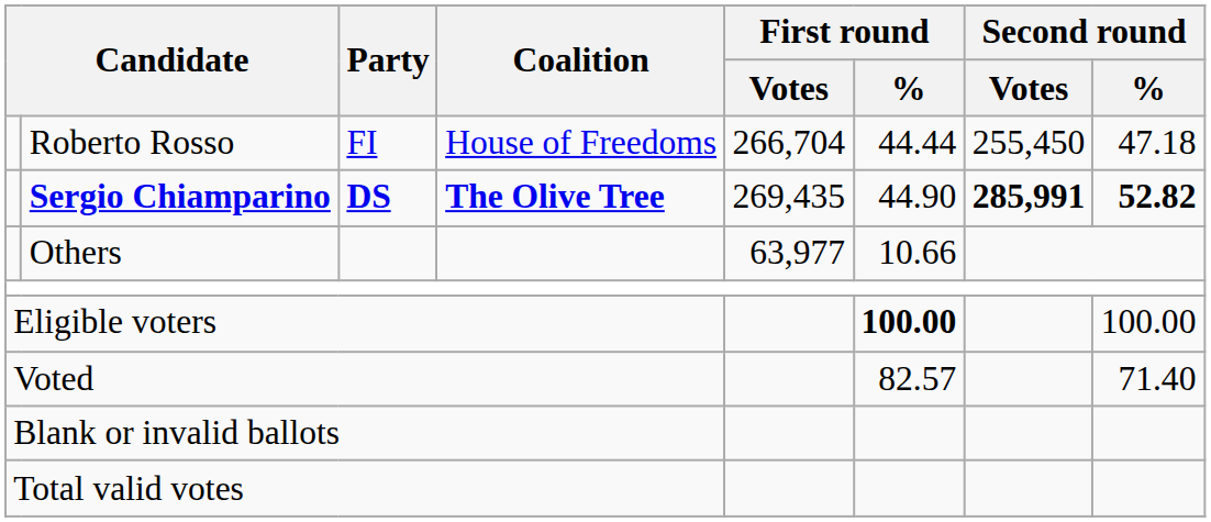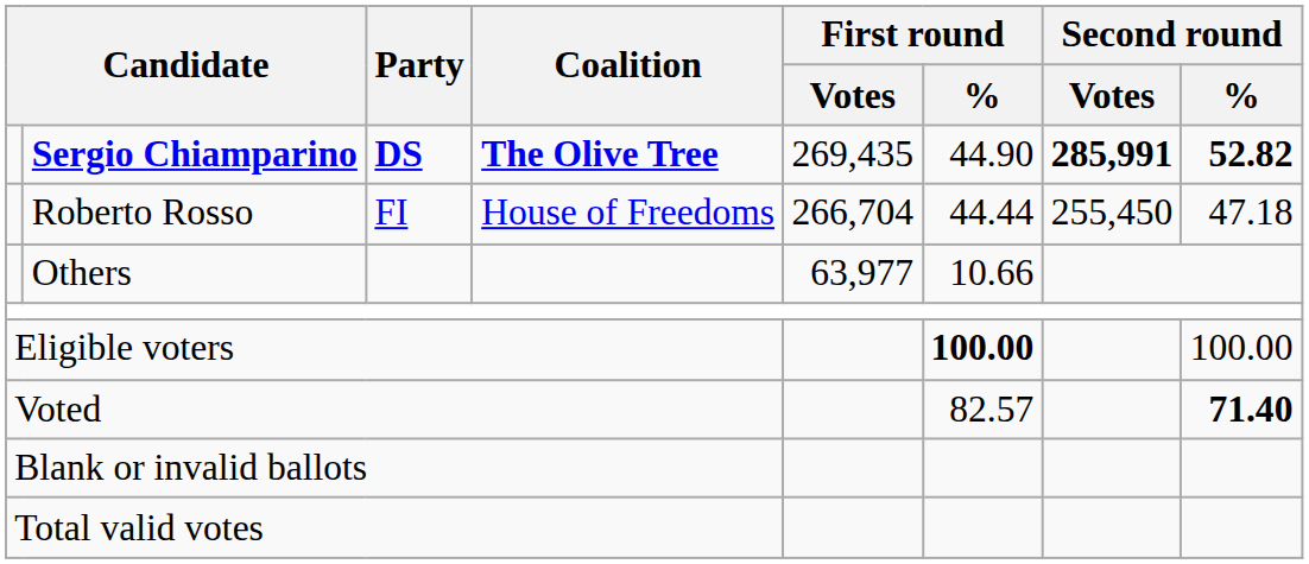 <table class="wikitable centre">
 <tr>
 <th scope="col" rowspan=2 colspan=2>Candidate</th>
 <th scope="col" rowspan=2 colspan=1>Party</th>
 <th scope="col" rowspan=2 colspan=1>Coalition</th>
 <th scope="col" colspan=2>First round</th>
 <th scope="col" colspan=2>Second round</th>
 </tr>
 <tr>
 <th scope="col">Votes</th>
 <th scope="col">%</th>
 <th scope="col">Votes</th>
 <th scope="col">%</th>
 </tr>
 <tr>
 <td></td>
+<td><strong><a href='#'>Sergio Chiamparino</a></strong></td>
+<td><strong><a href='#'>DS</a></strong></td>
+<td><strong><a href='#'>The Olive Tree</a></strong></td>
+<td style="text-align: right">269,435</td>
+<td style="text-align: right">44.90</td>
+<td style="text-align: right"><strong>285,991</strong></td>
+<td style="text-align: right"><strong>52.82</strong></td>
+</tr>
+<tr>
+<td></td>
 <td>Roberto Rosso</td>
 <td><a href='#'>FI</a></td>
 <td><a href='#'>House of Freedoms</a></td>
 <td style="text-align: right">266,704</td>
 <td style="text-align: right">44.44</td>
 <td style="text-align: right">255,450</td>
 <td style="text-align: right">47.18</td>
-</tr>
-<tr>
-<td></td>
-<td><strong><a href='#'>Sergio Chiamparino</a></strong></td>
-<td><strong><a href='#'>DS</a></strong></td>
-<td><strong><a href='#'>The Olive Tree</a></strong></td>
-<td style="text-align: right">269,435</td>
-<td style="text-align: right">44.90</td>
-<td style="text-align: right"><strong>285,991</strong></td>
-<td style="text-align: right"><strong>52.82</strong></td>
 </tr>
 <tr>
 <td bgcolor=""></td>
 <td>Others</td>
 <td></td>
 <td></td>
 <td style="text-align: right">63,977</td>
 <td style="text-align: right">10.66</td>
 </tr>
 <tr bgcolor=white>
 <td colspan=8></td>
 </tr>
 <tr>
 <td colspan=4>Eligible voters</td>
 <td style="text-align: right"></td>
 <td style="text-align: right"><strong>100.00</strong></td>
 <td style="text-align: right"></td>
 <td style="text-align: right">100.00</td>
 </tr>
 <tr>
 <td colspan=4>Voted</td>
 <td style="text-align: right"></td>
 <td style="text-align: right">82.57</td>
 <td style="text-align: right"></td>
-<td style="text-align: right">71.40</td>
+<td style="text-align: right"><strong>71.40</strong></td>
 </tr>
 <tr>
 <td colspan=4>Blank or invalid ballots</td>
 <td style="text-align: right"></td>
 <td style="text-align: right"></td>
 <td style="text-align: right"></td>
 <td style="text-align: right"></td>
 </tr>
 <tr>
 <td colspan=4>Total valid votes</td>
 <td style="text-align: right"></td>
 <td style="text-align: right"></td>
 <td style="text-align: right"></td>
 <td style="text-align: right"></td>
 </tr>
 </table>
